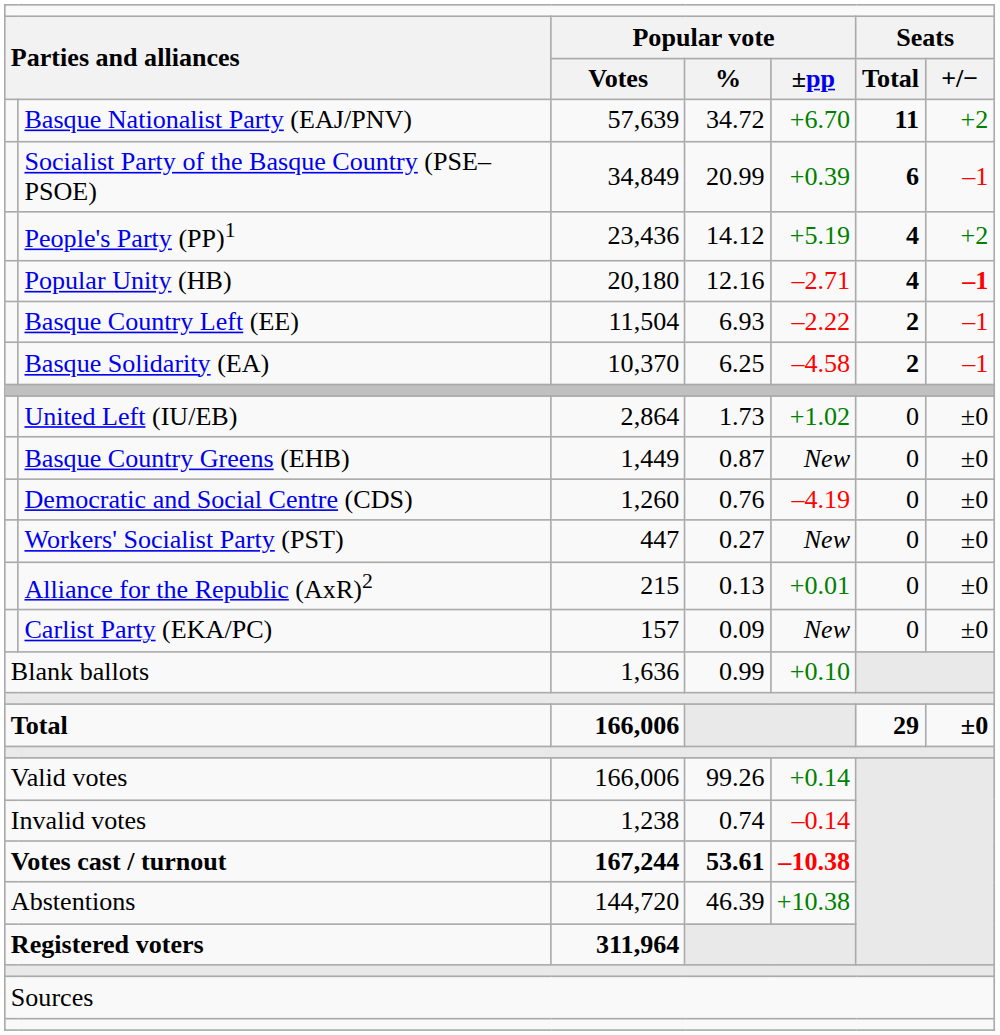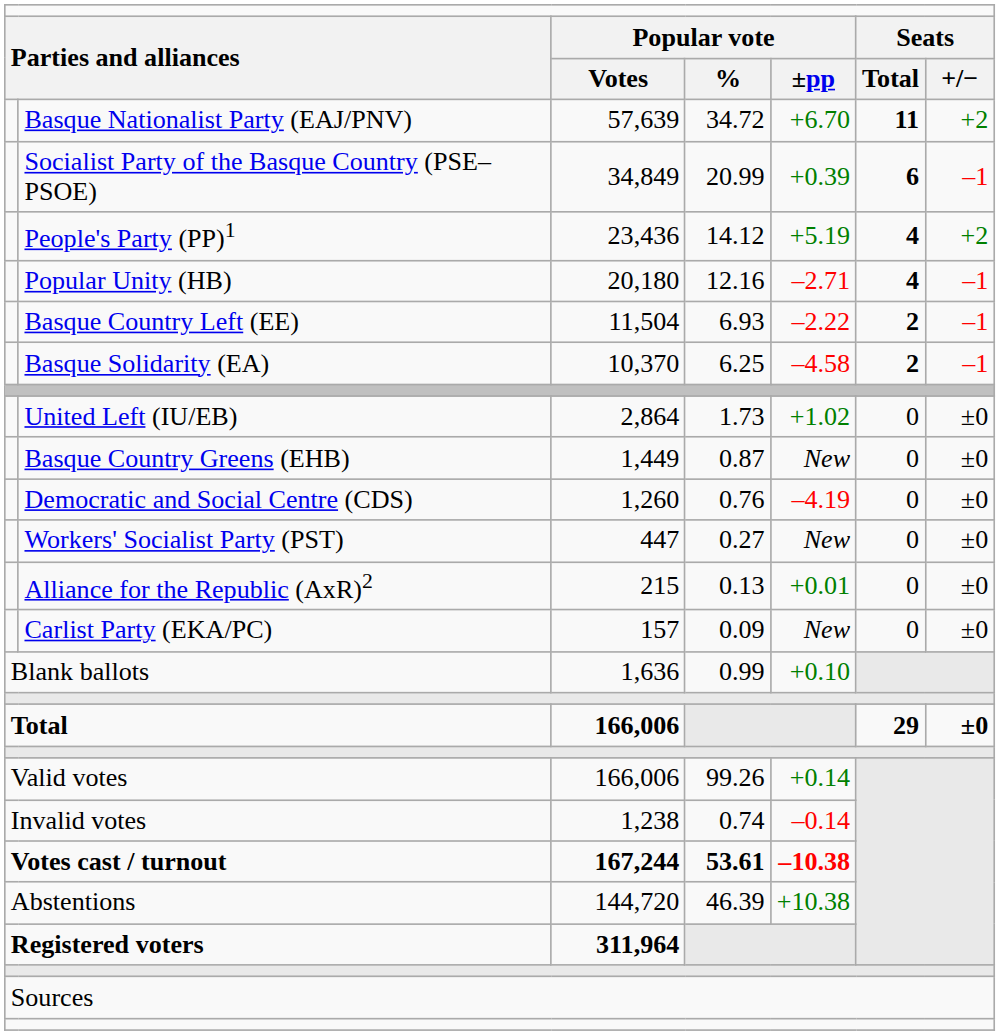 <table class="wikitable" style="text-align:right;">
 <tr>
 <td colspan="7"></td>
 </tr>
 <tr>
 <th style="text-align:left;" rowspan="2" colspan="2" width="525">Parties and alliances</th>
 <th colspan="3">Popular vote</th>
 <th colspan="2">Seats</th>
 </tr>
 <tr>
 <th width="75">Votes</th>
 <th width="45">%</th>
 <th width="45">±<a href='#'>pp</a></th>
 <th width="35">Total</th>
 <th width="35">+/−</th>
 </tr>
 <tr>
 <td width="1" style="color:inherit;background:"></td>
 <td align="left"><a href='#'>Basque Nationalist Party</a> (EAJ/PNV)</td>
 <td>57,639</td>
 <td>34.72</td>
 <td style="color:green;">+6.70</td>
 <td><strong>11</strong></td>
 <td style="color:green;">+2</td>
 </tr>
 <tr>
 <td style="color:inherit;background:"></td>
 <td align="left"><a href='#'>Socialist Party of the Basque Country</a> (PSE–PSOE)</td>
 <td>34,849</td>
 <td>20.99</td>
 <td style="color:green;">+0.39</td>
 <td><strong>6</strong></td>
 <td style="color:red;">–1</td>
 </tr>
 <tr>
 <td style="color:inherit;background:"></td>
 <td align="left"><a href='#'>People's Party</a> (PP)<sup>1</sup></td>
 <td>23,436</td>
 <td>14.12</td>
 <td style="color:green;">+5.19</td>
 <td><strong>4</strong></td>
 <td style="color:green;">+2</td>
 </tr>
 <tr>
 <td style="color:inherit;background:"></td>
 <td align="left"><a href='#'>Popular Unity</a> (HB)</td>
 <td>20,180</td>
 <td>12.16</td>
 <td style="color:red;">–2.71</td>
 <td><strong>4</strong></td>
-<td style="color:red;"><strong>–1</strong></td>
+<td style="color:red;">–1</td>
 </tr>
 <tr>
 <td style="color:inherit;background:"></td>
 <td align="left"><a href='#'>Basque Country Left</a> (EE)</td>
 <td>11,504</td>
 <td>6.93</td>
 <td style="color:red;">–2.22</td>
 <td><strong>2</strong></td>
 <td style="color:red;">–1</td>
 </tr>
 <tr>
 <td style="color:inherit;background:"></td>
 <td align="left"><a href='#'>Basque Solidarity</a> (EA)</td>
 <td>10,370</td>
 <td>6.25</td>
 <td style="color:red;">–4.58</td>
 <td><strong>2</strong></td>
 <td style="color:red;">–1</td>
 </tr>
 <tr>
 <td colspan="7" bgcolor="#C0C0C0"></td>
 </tr>
 <tr>
 <td style="color:inherit;background:"></td>
 <td align="left"><a href='#'>United Left</a> (IU/EB)</td>
 <td>2,864</td>
 <td>1.73</td>
 <td style="color:green;">+1.02</td>
 <td>0</td>
 <td>±0</td>
 </tr>
 <tr>
 <td style="color:inherit;background:"></td>
 <td align="left"><a href='#'>Basque Country Greens</a> (EHB)</td>
 <td>1,449</td>
 <td>0.87</td>
 <td><em>New</em></td>
 <td>0</td>
 <td>±0</td>
 </tr>
 <tr>
 <td style="color:inherit;background:"></td>
 <td align="left"><a href='#'>Democratic and Social Centre</a> (CDS)</td>
 <td>1,260</td>
 <td>0.76</td>
 <td style="color:red;">–4.19</td>
 <td>0</td>
 <td>±0</td>
 </tr>
 <tr>
 <td style="color:inherit;background:"></td>
 <td align="left"><a href='#'>Workers' Socialist Party</a> (PST)</td>
 <td>447</td>
 <td>0.27</td>
 <td><em>New</em></td>
 <td>0</td>
 <td>±0</td>
 </tr>
 <tr>
 <td style="color:inherit;background:"></td>
 <td align="left"><a href='#'>Alliance for the Republic</a> (AxR)<sup>2</sup></td>
 <td>215</td>
 <td>0.13</td>
 <td style="color:green;">+0.01</td>
 <td>0</td>
 <td>±0</td>
 </tr>
 <tr>
 <td style="color:inherit;background:"></td>
 <td align="left"><a href='#'>Carlist Party</a> (EKA/PC)</td>
 <td>157</td>
 <td>0.09</td>
 <td><em>New</em></td>
 <td>0</td>
 <td>±0</td>
 </tr>
 <tr>
 <td align="left" colspan="2">Blank ballots</td>
 <td>1,636</td>
 <td>0.99</td>
 <td style="color:green;">+0.10</td>
 <td bgcolor="#E9E9E9" colspan="2"></td>
 </tr>
 <tr>
 <td colspan="7" bgcolor="#E9E9E9"></td>
 </tr>
 <tr style="font-weight:bold;">
 <td align="left" colspan="2">Total</td>
 <td>166,006</td>
 <td bgcolor="#E9E9E9" colspan="2"></td>
 <td>29</td>
 <td>±0</td>
 </tr>
 <tr>
 <td colspan="7" bgcolor="#E9E9E9"></td>
 </tr>
 <tr>
 <td align="left" colspan="2">Valid votes</td>
 <td>166,006</td>
 <td>99.26</td>
 <td style="color:green;">+0.14</td>
 <td bgcolor="#E9E9E9" colspan="2" rowspan="5"></td>
 </tr>
 <tr>
 <td align="left" colspan="2">Invalid votes</td>
 <td>1,238</td>
 <td>0.74</td>
 <td style="color:red;">–0.14</td>
 </tr>
 <tr style="font-weight:bold;">
 <td align="left" colspan="2">Votes cast / turnout</td>
 <td>167,244</td>
 <td>53.61</td>
 <td style="color:red;">–10.38</td>
 </tr>
 <tr>
 <td align="left" colspan="2">Abstentions</td>
 <td>144,720</td>
 <td>46.39</td>
 <td style="color:green;">+10.38</td>
 </tr>
 <tr style="font-weight:bold;">
 <td align="left" colspan="2">Registered voters</td>
 <td>311,964</td>
 <td bgcolor="#E9E9E9" colspan="2"></td>
 </tr>
 <tr>
 <td colspan="7" bgcolor="#E9E9E9"></td>
 </tr>
 <tr>
 <td align="left" colspan="7">Sources</td>
 </tr>
 <tr>
 <td colspan="7" style="text-align:left; max-width:790px;"></td>
 </tr>
 </table>
